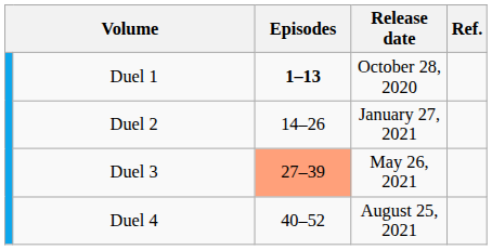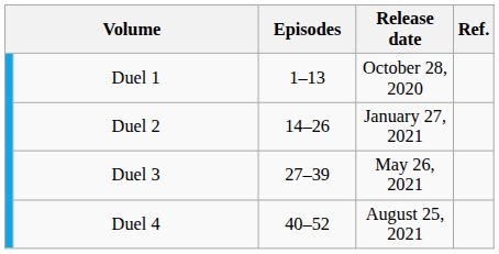 <table class="wikitable" style="text-align: center; width: 70%;">
 <tr>
 <th colspan="2">Volume</th>
 <th width="20%">Episodes</th>
 <th width="20%">Release date</th>
 <th width="5%">Ref.</th>
 </tr>
 <tr>
 <td rowspan="4" width="1%" style="background: #0CA7ED;"></td>
 <td>Duel 1</td>
-<td><strong>1–13</strong></td>
+<td>1–13</td>
 <td>October 28, 2020</td>
 <td></td>
 </tr>
 <tr>
 <td>Duel 2</td>
 <td>14–26</td>
 <td>January 27, 2021</td>
 <td></td>
 </tr>
 <tr>
 <td>Duel 3</td>
-<td style="background: lightsalmon;">27–39</td>
+<td>27–39</td>
 <td>May 26, 2021</td>
 <td></td>
 </tr>
 <tr>
 <td>Duel 4</td>
 <td>40–52</td>
 <td>August 25, 2021</td>
 <td></td>
 </tr>
 </table>
